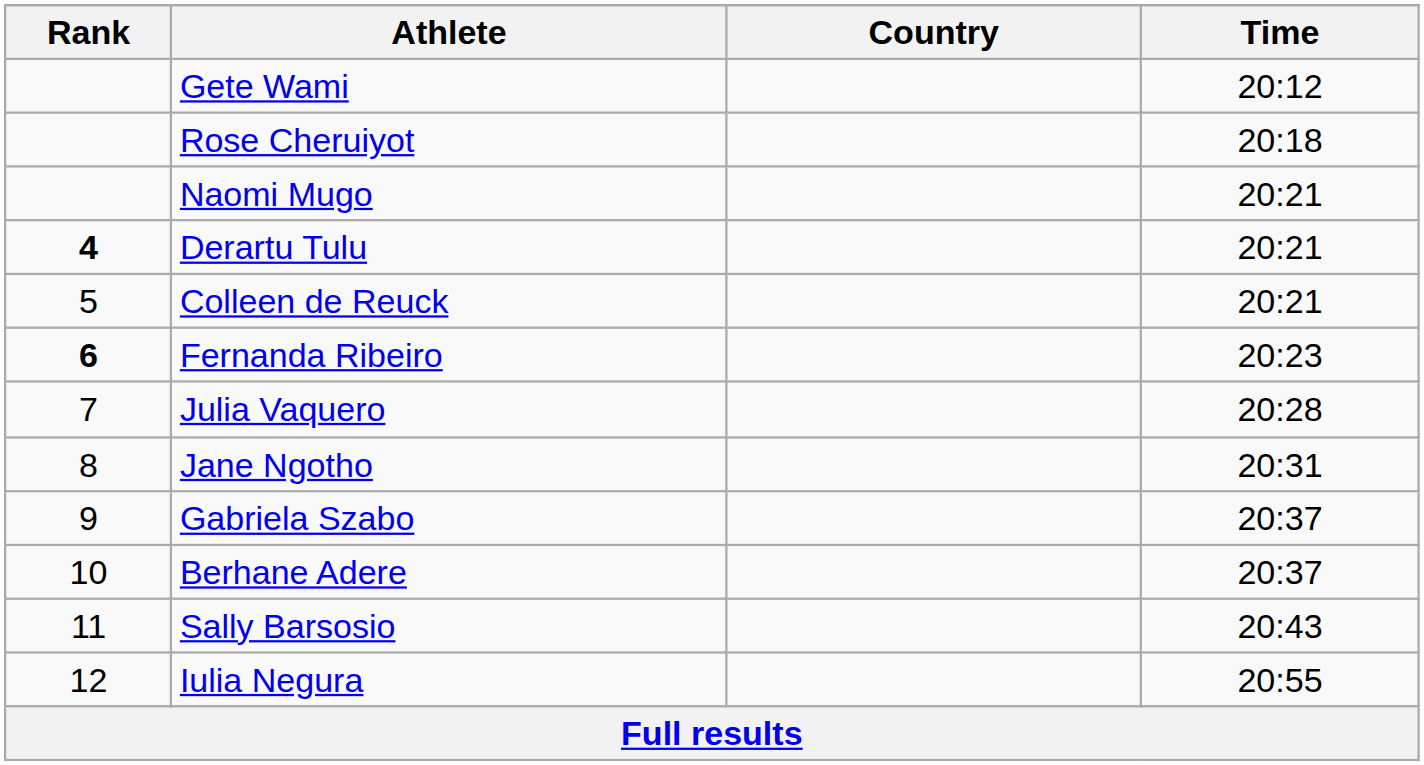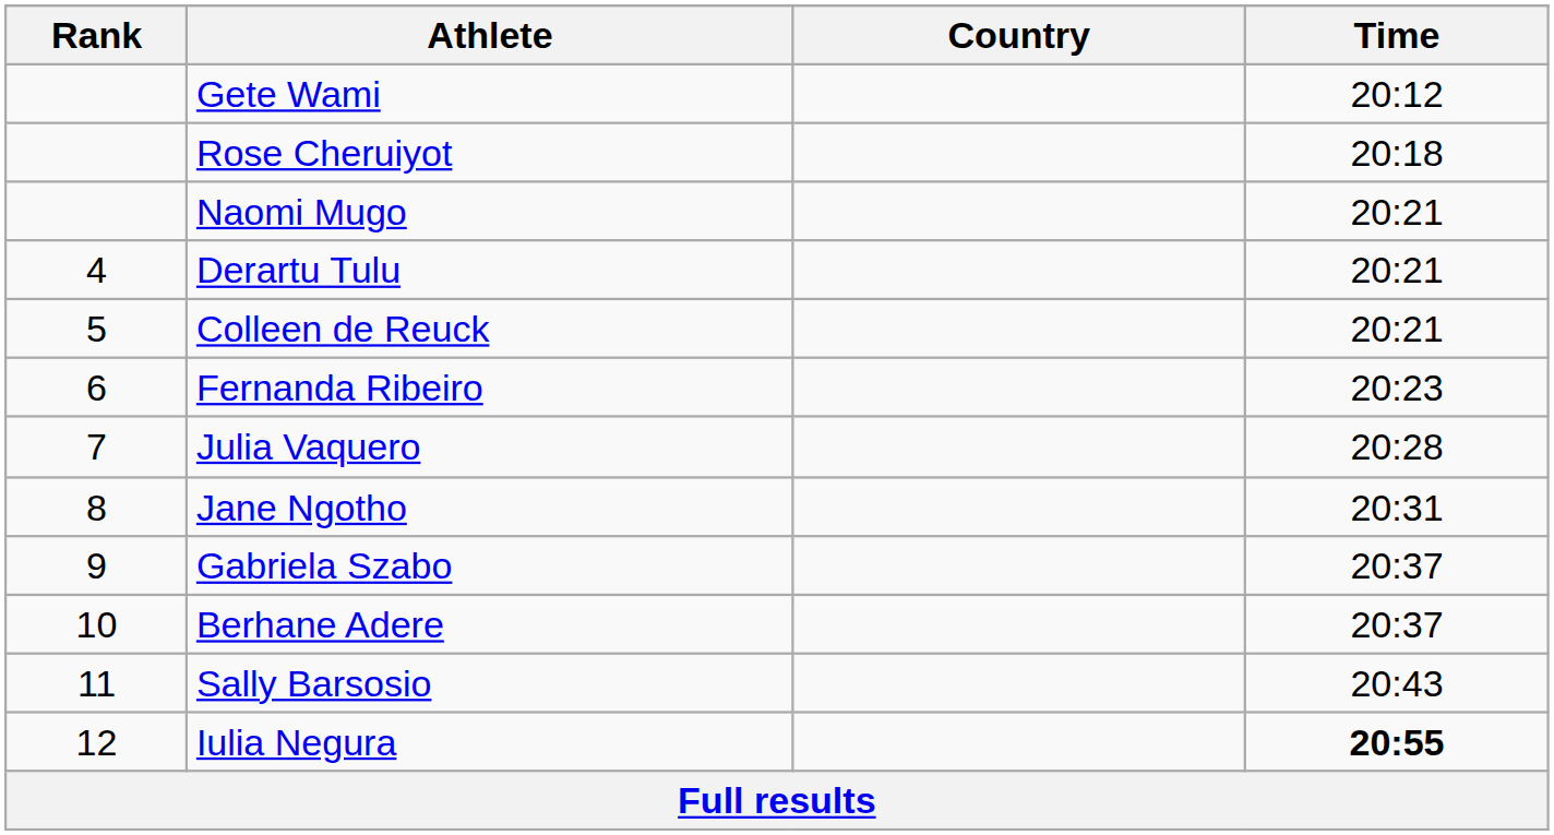 <table class="wikitable sortable" style=" text-align:center; font-size:95%;" width="50%">
 <tr>
 </tr>
 <tr>
 <th width=5%>Rank</th>
 <th width=20%>Athlete</th>
 <th width=15%>Country</th>
 <th width=10%>Time</th>
 </tr>
 <tr>
 <td align=center></td>
 <td align=left><a href='#'>Gete Wami</a></td>
 <td align=left></td>
 <td>20:12</td>
 </tr>
 <tr>
 <td align=center></td>
 <td align=left><a href='#'>Rose Cheruiyot</a></td>
 <td align=left></td>
 <td>20:18</td>
 </tr>
 <tr>
 <td align=center></td>
 <td align=left><a href='#'>Naomi Mugo</a></td>
 <td align=left></td>
 <td>20:21</td>
 </tr>
 <tr>
-<td align=center><strong>4</strong></td>
+<td align=center>4</td>
 <td align=left><a href='#'>Derartu Tulu</a></td>
 <td align=left></td>
 <td>20:21</td>
 </tr>
 <tr>
 <td align=center>5</td>
 <td align=left><a href='#'>Colleen de Reuck</a></td>
 <td align=left></td>
 <td>20:21</td>
 </tr>
 <tr>
-<td align=center><strong>6</strong></td>
+<td align=center>6</td>
 <td align=left><a href='#'>Fernanda Ribeiro</a></td>
 <td align=left></td>
 <td>20:23</td>
 </tr>
 <tr>
 <td align=center>7</td>
 <td align=left><a href='#'>Julia Vaquero</a></td>
 <td align=left></td>
 <td>20:28</td>
 </tr>
 <tr>
 <td align=center>8</td>
 <td align=left><a href='#'>Jane Ngotho</a></td>
 <td align=left></td>
 <td>20:31</td>
 </tr>
 <tr>
 <td align=center>9</td>
 <td align=left><a href='#'>Gabriela Szabo</a></td>
 <td align=left></td>
 <td>20:37</td>
 </tr>
 <tr>
 <td align=center>10</td>
 <td align=left><a href='#'>Berhane Adere</a></td>
 <td align=left></td>
 <td>20:37</td>
 </tr>
 <tr>
 <td align=center>11</td>
 <td align=left><a href='#'>Sally Barsosio</a></td>
 <td align=left></td>
 <td>20:43</td>
 </tr>
 <tr>
 <td align=center>12</td>
 <td align=left><a href='#'>Iulia Negura</a></td>
 <td align=left></td>
-<td>20:55</td>
+<td><strong>20:55</strong></td>
 </tr>
 <tr class="sortbottom">
 <th colspan=4 align=center><a href='#'>Full results</a></th>
 </tr>
 </table>
